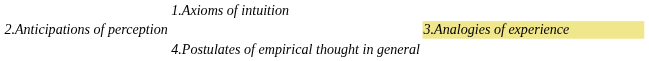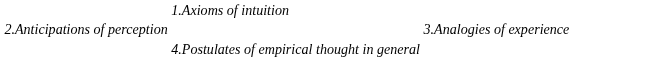 <table style="margin:1em auto;">
 <tr>
 <td></td>
 <td><em>1.Axioms of intuition</em></td>
 <td></td>
 </tr>
 <tr>
 <td><em>2.Anticipations of perception</em><br></td>
 <td></td>
-<td width=250 style="background: khaki;"><em>3.Analogies of experience</em><br></td>
+<td width=250><em>3.Analogies of experience</em><br></td>
 </tr>
 <tr>
 <td></td>
 <td><em>4.Postulates of empirical thought in general</em><br></td>
 </tr>
 </table>
